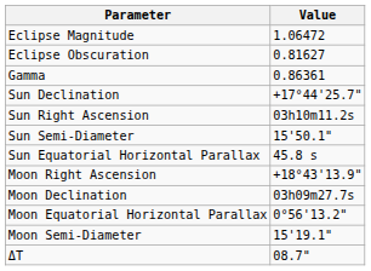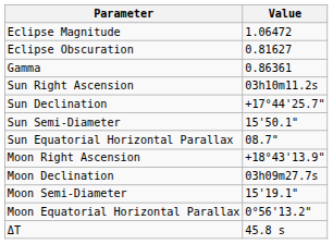 <table class="wikitable">
 <tr>
 <th>Parameter</th>
 <th>Value</th>
 </tr>
 <tr>
 <td>Eclipse Magnitude</td>
 <td>1.06472</td>
 </tr>
 <tr>
 <td>Eclipse Obscuration</td>
 <td>0.81627</td>
 </tr>
 <tr>
 <td>Gamma</td>
 <td>0.86361</td>
 </tr>
 <tr>
+<td>Sun Right Ascension</td>
+<td>03h10m11.2s</td>
+</tr>
+<tr>
 <td>Sun Declination</td>
 <td>+17°44'25.7"</td>
-</tr>
-<tr>
-<td>Sun Right Ascension</td>
-<td>03h10m11.2s</td>
 </tr>
 <tr>
 <td>Sun Semi-Diameter</td>
 <td>15'50.1"</td>
 </tr>
 <tr>
 <td>Sun Equatorial Horizontal Parallax</td>
-<td>45.8 s</td>
+<td>08.7"</td>
 </tr>
 <tr>
 <td>Moon Right Ascension</td>
 <td>+18°43'13.9"</td>
 </tr>
 <tr>
 <td>Moon Declination</td>
 <td>03h09m27.7s</td>
 </tr>
 <tr>
+<td>Moon Semi-Diameter</td>
+<td>15'19.1"</td>
+</tr>
+<tr>
 <td>Moon Equatorial Horizontal Parallax</td>
 <td>0°56'13.2"</td>
 </tr>
 <tr>
-<td>Moon Semi-Diameter</td>
-<td>15'19.1"</td>
-</tr>
-<tr>
 <td>ΔT</td>
-<td>08.7"</td>
+<td>45.8 s</td>
 </tr>
 </table>
